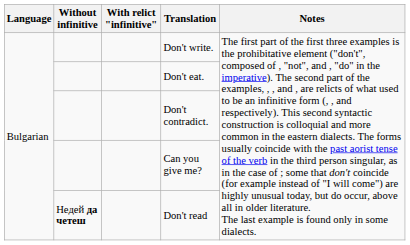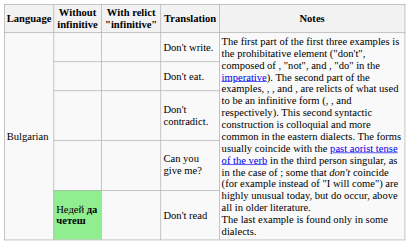 <table class="wikitable">
 <tr>
 <th>Language</th>
 <th>Without infinitive</th>
 <th>With relict "infinitive"</th>
 <th>Translation</th>
 <th>Notes</th>
 </tr>
 <tr>
 <td rowspan="5">Bulgarian</td>
 <td></td>
 <td></td>
 <td>Don't write.</td>
 <td rowspan="5">The first part of the first three examples is the prohibitative element  ("don't", composed of , "not", and , "do" in the <a href='#'>imperative</a>). The second part of the examples, , ,  and , are relicts of what used to be an infinitive form (, ,  and  respectively). This second syntactic construction is colloquial and more common in the eastern dialects. The forms usually coincide with the <a href='#'>past aorist tense of the verb</a> in the third person singular, as in the case of ; some that <em>don't</em> coincide (for example  instead of  "I will come") are highly unusual today, but do occur, above all in older literature.<br>The last example is found only in some dialects.</td>
 </tr>
 <tr>
 <td></td>
 <td></td>
 <td>Don't eat.</td>
 </tr>
 <tr>
 <td></td>
 <td></td>
 <td>Don't contradict.</td>
 </tr>
 <tr>
 <td></td>
 <td></td>
 <td>Can you give me?</td>
 </tr>
 <tr>
-<td>Недей <strong>да</strong> <strong>четеш</strong></td>
+<td style="background: lightgreen;">Недей <strong>да</strong> <strong>четеш</strong></td>
 <td></td>
 <td>Don't read</td>
 </tr>
 </table>
